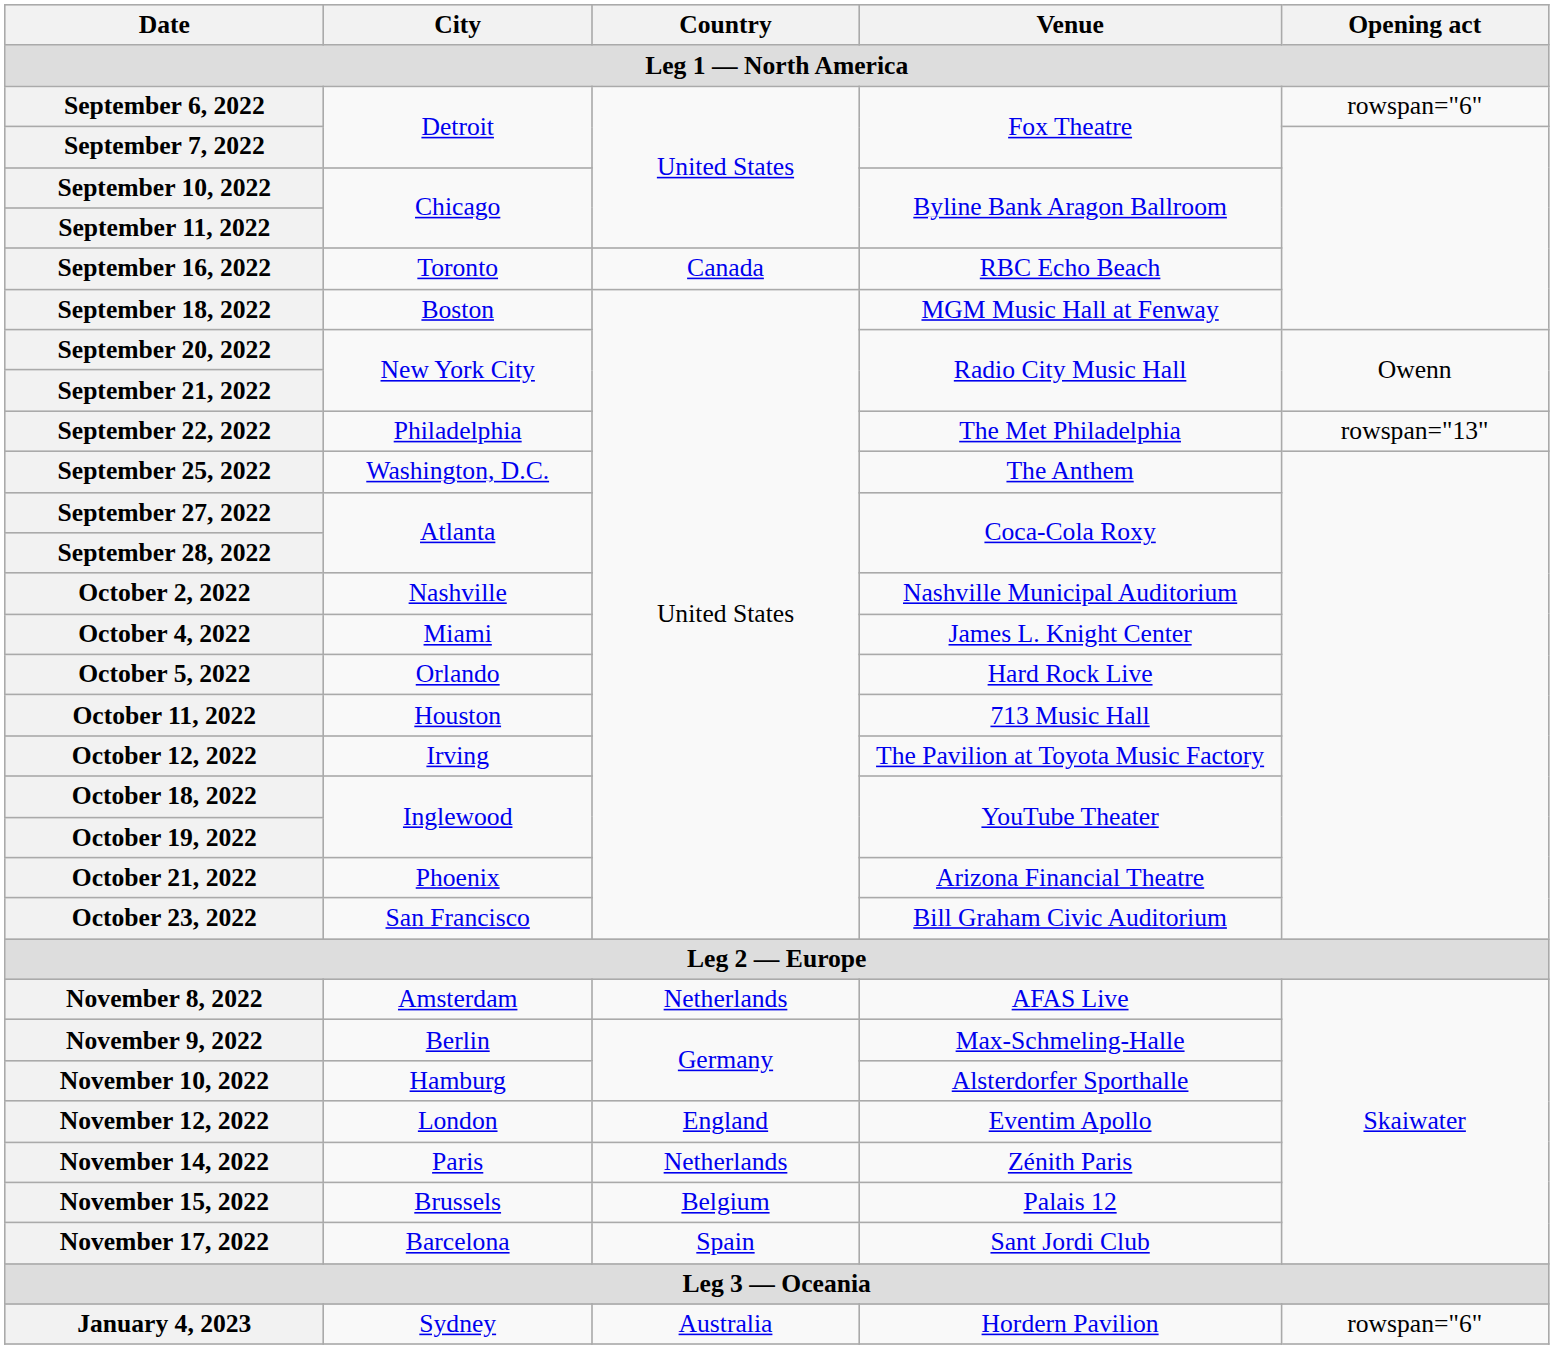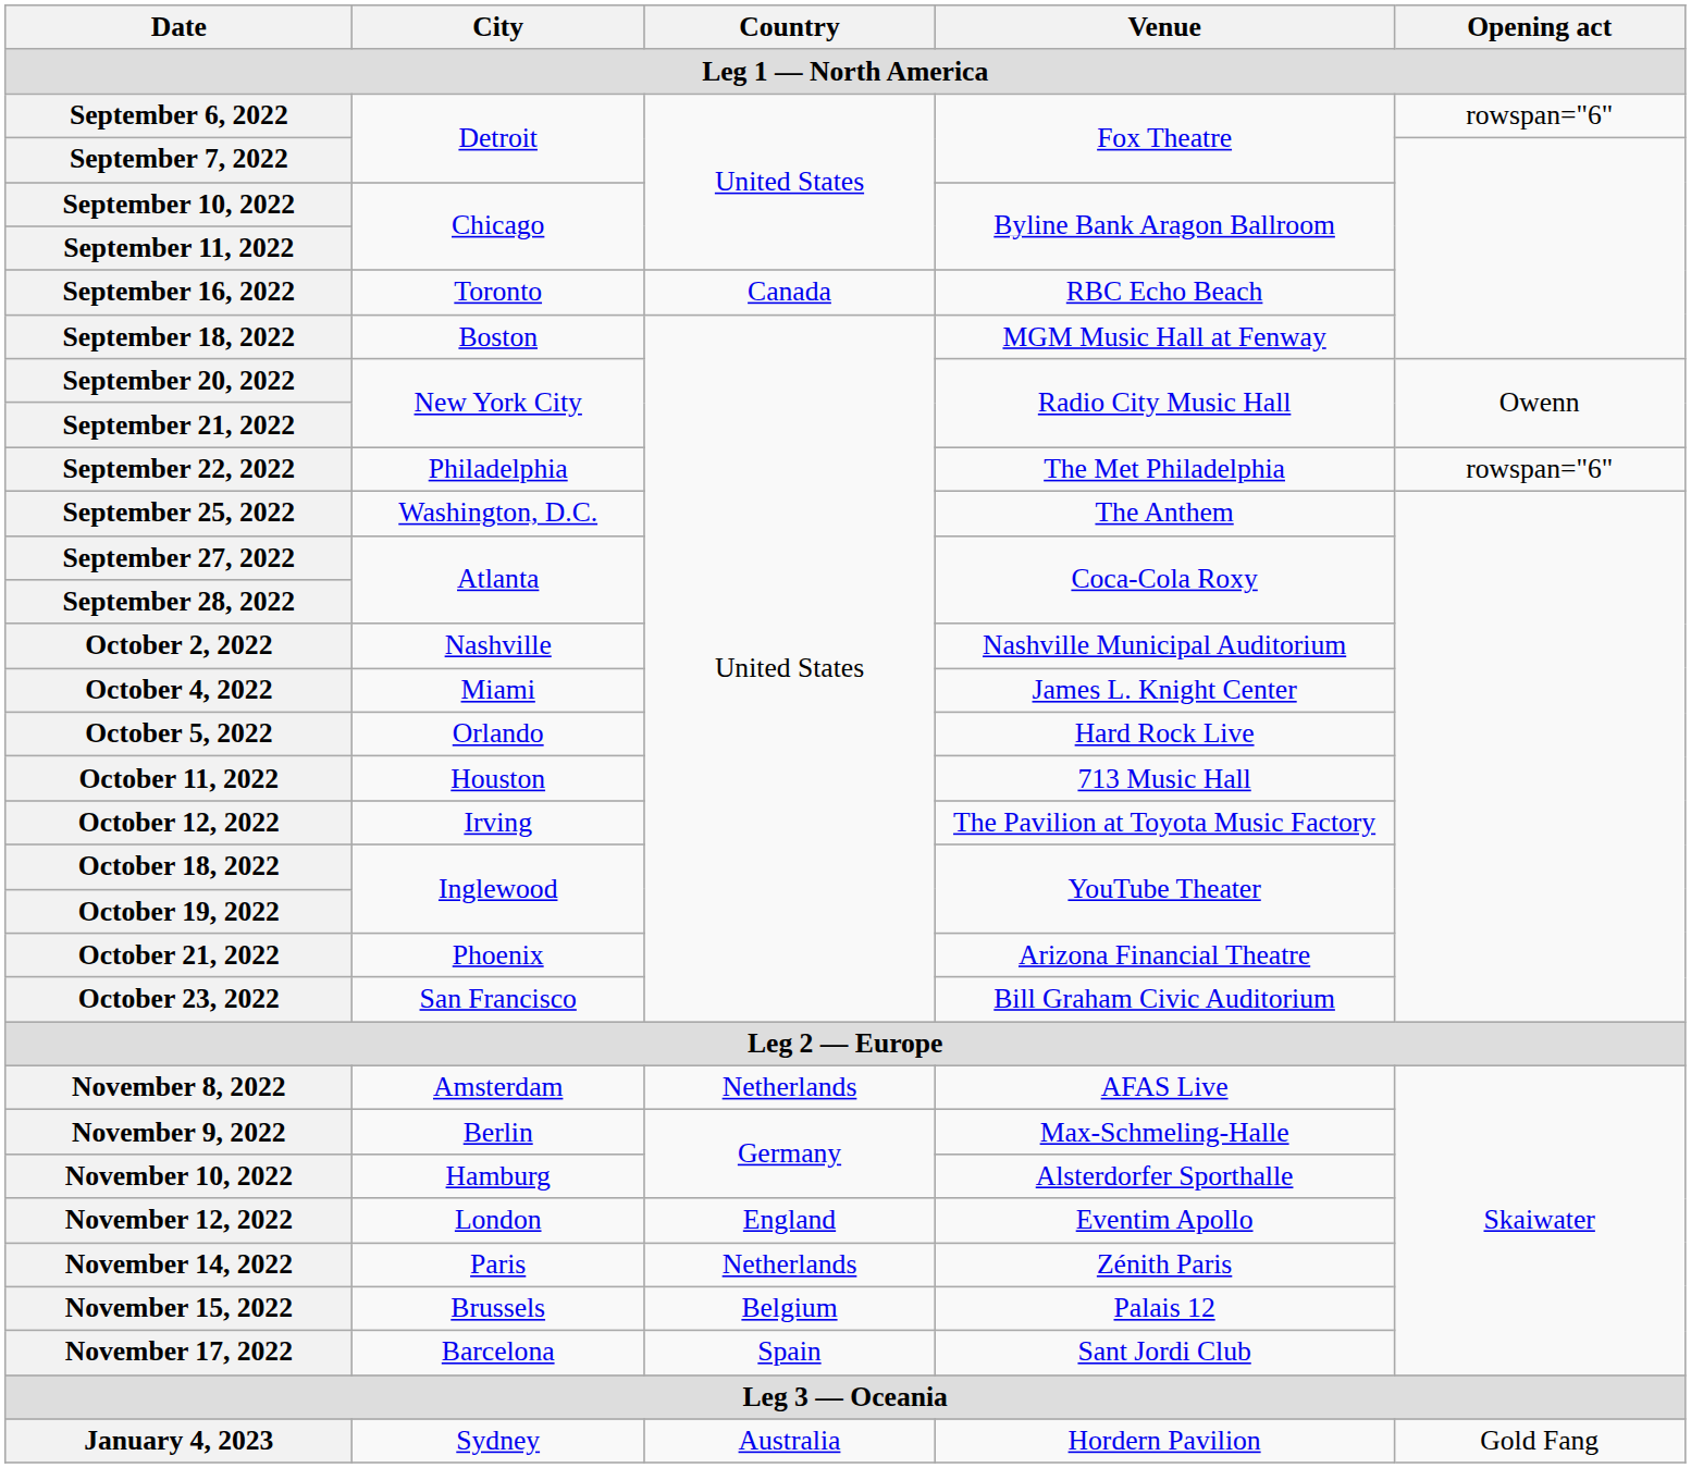 <table class="wikitable plainrowheaders" style="text-align:center;">
 <tr>
 <th scope="col" style="width:12em;">Date</th>
 <th scope="col" style="width:10em;">City</th>
 <th scope="col" style="width:10em;">Country</th>
 <th scope="col" style="width:16em;">Venue</th>
 <th scope="col" style="width:10em;">Opening act</th>
 </tr>
 <tr>
 <th style="background:#dddddd;" colspan="7">Leg 1 — North America</th>
 </tr>
 <tr>
 <th scope="row" style="text-align:center;">September 6, 2022</th>
 <td rowspan="2"><a href='#'>Detroit</a></td>
 <td rowspan="4"><a href='#'>United States</a></td>
 <td rowspan="2"><a href='#'>Fox Theatre</a></td>
 <td>rowspan="6" </td>
 </tr>
 <tr>
 <th scope="row" style="text-align:center;">September 7, 2022</th>
 </tr>
 <tr>
 <th scope="row" style="text-align:center;">September 10, 2022</th>
 <td rowspan="2"><a href='#'>Chicago</a></td>
 <td rowspan="2"><a href='#'>Byline Bank Aragon Ballroom</a></td>
 </tr>
 <tr>
 <th scope="row" style="text-align:center;">September 11, 2022</th>
 </tr>
 <tr>
 <th scope="row" style="text-align:center;">September 16, 2022</th>
 <td><a href='#'>Toronto</a></td>
 <td><a href='#'>Canada</a></td>
 <td><a href='#'>RBC Echo Beach</a></td>
 </tr>
 <tr>
 <th scope="row" style="text-align:center;">September 18, 2022</th>
 <td><a href='#'>Boston</a></td>
 <td rowspan="16">United States</td>
 <td><a href='#'>MGM Music Hall at Fenway</a></td>
 </tr>
 <tr>
 <th scope="row" style="text-align:center;">September 20, 2022</th>
 <td rowspan="2"><a href='#'>New York City</a></td>
 <td rowspan="2"><a href='#'>Radio City Music Hall</a></td>
 <td rowspan="2">Owenn</td>
 </tr>
 <tr>
 <th scope="row" style="text-align:center;">September 21, 2022</th>
 </tr>
 <tr>
 <th scope="row" style="text-align:center;">September 22, 2022</th>
 <td><a href='#'>Philadelphia</a></td>
 <td><a href='#'>The Met Philadelphia</a></td>
-<td>rowspan="13" </td>
+<td>rowspan="6" </td>
 </tr>
 <tr>
 <th scope="row" style="text-align:center;">September 25, 2022</th>
 <td><a href='#'>Washington, D.C.</a></td>
 <td><a href='#'>The Anthem</a></td>
 </tr>
 <tr>
 <th scope="row" style="text-align:center;">September 27, 2022</th>
 <td rowspan="2"><a href='#'>Atlanta</a></td>
 <td rowspan="2"><a href='#'>Coca-Cola Roxy</a></td>
 </tr>
 <tr>
 <th scope="row" style="text-align:center;">September 28, 2022</th>
 </tr>
 <tr>
 <th scope="row" style="text-align:center;">October 2, 2022</th>
 <td><a href='#'>Nashville</a></td>
 <td><a href='#'>Nashville Municipal Auditorium</a></td>
 </tr>
 <tr>
 <th scope="row" style="text-align:center;">October 4, 2022</th>
 <td><a href='#'>Miami</a></td>
 <td><a href='#'>James L. Knight Center</a></td>
 </tr>
 <tr>
 <th scope="row" style="text-align:center;">October 5, 2022</th>
 <td><a href='#'>Orlando</a></td>
 <td><a href='#'>Hard Rock Live</a></td>
 </tr>
 <tr>
 <th scope="row" style="text-align:center;">October 11, 2022</th>
 <td><a href='#'>Houston</a></td>
 <td><a href='#'>713 Music Hall</a></td>
 </tr>
 <tr>
 <th scope="row" style="text-align:center;">October 12, 2022</th>
 <td><a href='#'>Irving</a></td>
 <td><a href='#'>The Pavilion at Toyota Music Factory</a></td>
 </tr>
 <tr>
 <th scope="row" style="text-align:center;">October 18, 2022</th>
 <td rowspan="2"><a href='#'>Inglewood</a></td>
 <td rowspan="2"><a href='#'>YouTube Theater</a></td>
 </tr>
 <tr>
 <th scope="row" style="text-align:center;">October 19, 2022</th>
 </tr>
 <tr>
 <th scope="row" style="text-align:center;">October 21, 2022</th>
 <td><a href='#'>Phoenix</a></td>
 <td><a href='#'>Arizona Financial Theatre</a></td>
 </tr>
 <tr>
 <th scope="row" style="text-align:center;">October 23, 2022</th>
 <td><a href='#'>San Francisco</a></td>
 <td><a href='#'>Bill Graham Civic Auditorium</a></td>
 </tr>
 <tr>
 <th style="background:#dddddd; "colspan="7">Leg 2 — Europe</th>
 </tr>
 <tr>
 <th scope="row" style="text-align:center;">November 8, 2022</th>
 <td><a href='#'>Amsterdam</a></td>
 <td><a href='#'>Netherlands</a></td>
 <td><a href='#'>AFAS Live</a></td>
 <td rowspan="7"><a href='#'>Skaiwater</a></td>
 </tr>
 <tr>
 <th scope="row" style="text-align:center;">November 9, 2022</th>
 <td><a href='#'>Berlin</a></td>
 <td rowspan="2"><a href='#'>Germany</a></td>
 <td><a href='#'>Max-Schmeling-Halle</a></td>
 </tr>
 <tr>
 <th scope="row" style="text-align:center;">November 10, 2022</th>
 <td><a href='#'>Hamburg</a></td>
 <td><a href='#'>Alsterdorfer Sporthalle</a></td>
 </tr>
 <tr>
 <th scope="row" style="text-align:center;">November 12, 2022</th>
 <td><a href='#'>London</a></td>
 <td><a href='#'>England</a></td>
 <td><a href='#'>Eventim Apollo</a></td>
 </tr>
 <tr>
 <th scope="row" style="text-align:center;">November 14, 2022</th>
 <td><a href='#'>Paris</a></td>
 <td><a href='#'>Netherlands</a></td>
 <td><a href='#'>Zénith Paris</a></td>
 </tr>
 <tr>
 <th scope="row" style="text-align:center;">November 15, 2022</th>
 <td><a href='#'>Brussels</a></td>
 <td><a href='#'>Belgium</a></td>
 <td><a href='#'>Palais 12</a></td>
 </tr>
 <tr>
 <th scope="row" style="text-align:center;">November 17, 2022</th>
 <td><a href='#'>Barcelona</a></td>
 <td><a href='#'>Spain</a></td>
 <td><a href='#'>Sant Jordi Club</a></td>
 </tr>
 <tr>
 <th style="background:#dddddd;" colspan="7">Leg 3 — Oceania</th>
 </tr>
 <tr>
 <th scope="row" style="text-align:center;">January 4, 2023</th>
 <td><a href='#'>Sydney</a></td>
 <td><a href='#'>Australia</a></td>
 <td><a href='#'>Hordern Pavilion</a></td>
-<td>rowspan="6" </td>
+<td rowspan="1">Gold Fang</td>
 </tr>
 </table>
